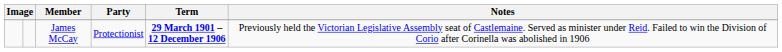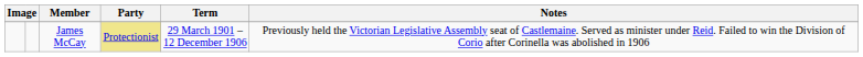 <table class=wikitable style="text-align:center">
 <tr>
 <th colspan=2>Image</th>
 <th>Member</th>
 <th>Party</th>
 <th>Term</th>
 <th>Notes</th>
 </tr>
 <tr>
 </tr>
 <tr>
 <td> </td>
 <td></td>
 <td><a href='#'>James McCay</a><br></td>
-<td><a href='#'>Protectionist</a></td>
-<td nowrap><strong><a href='#'>29 March 1901</a> –<br><a href='#'>12 December 1906</a></strong></td>
+<td style="background: khaki;"><a href='#'>Protectionist</a></td>
+<td nowrap><a href='#'>29 March 1901</a> –<br><a href='#'>12 December 1906</a></td>
 <td>Previously held the <a href='#'>Victorian Legislative Assembly</a> seat of <a href='#'>Castlemaine</a>. Served as minister under <a href='#'>Reid</a>. Failed to win the Division of <a href='#'>Corio</a> after Corinella was abolished in 1906</td>
 </tr>
 </table>
